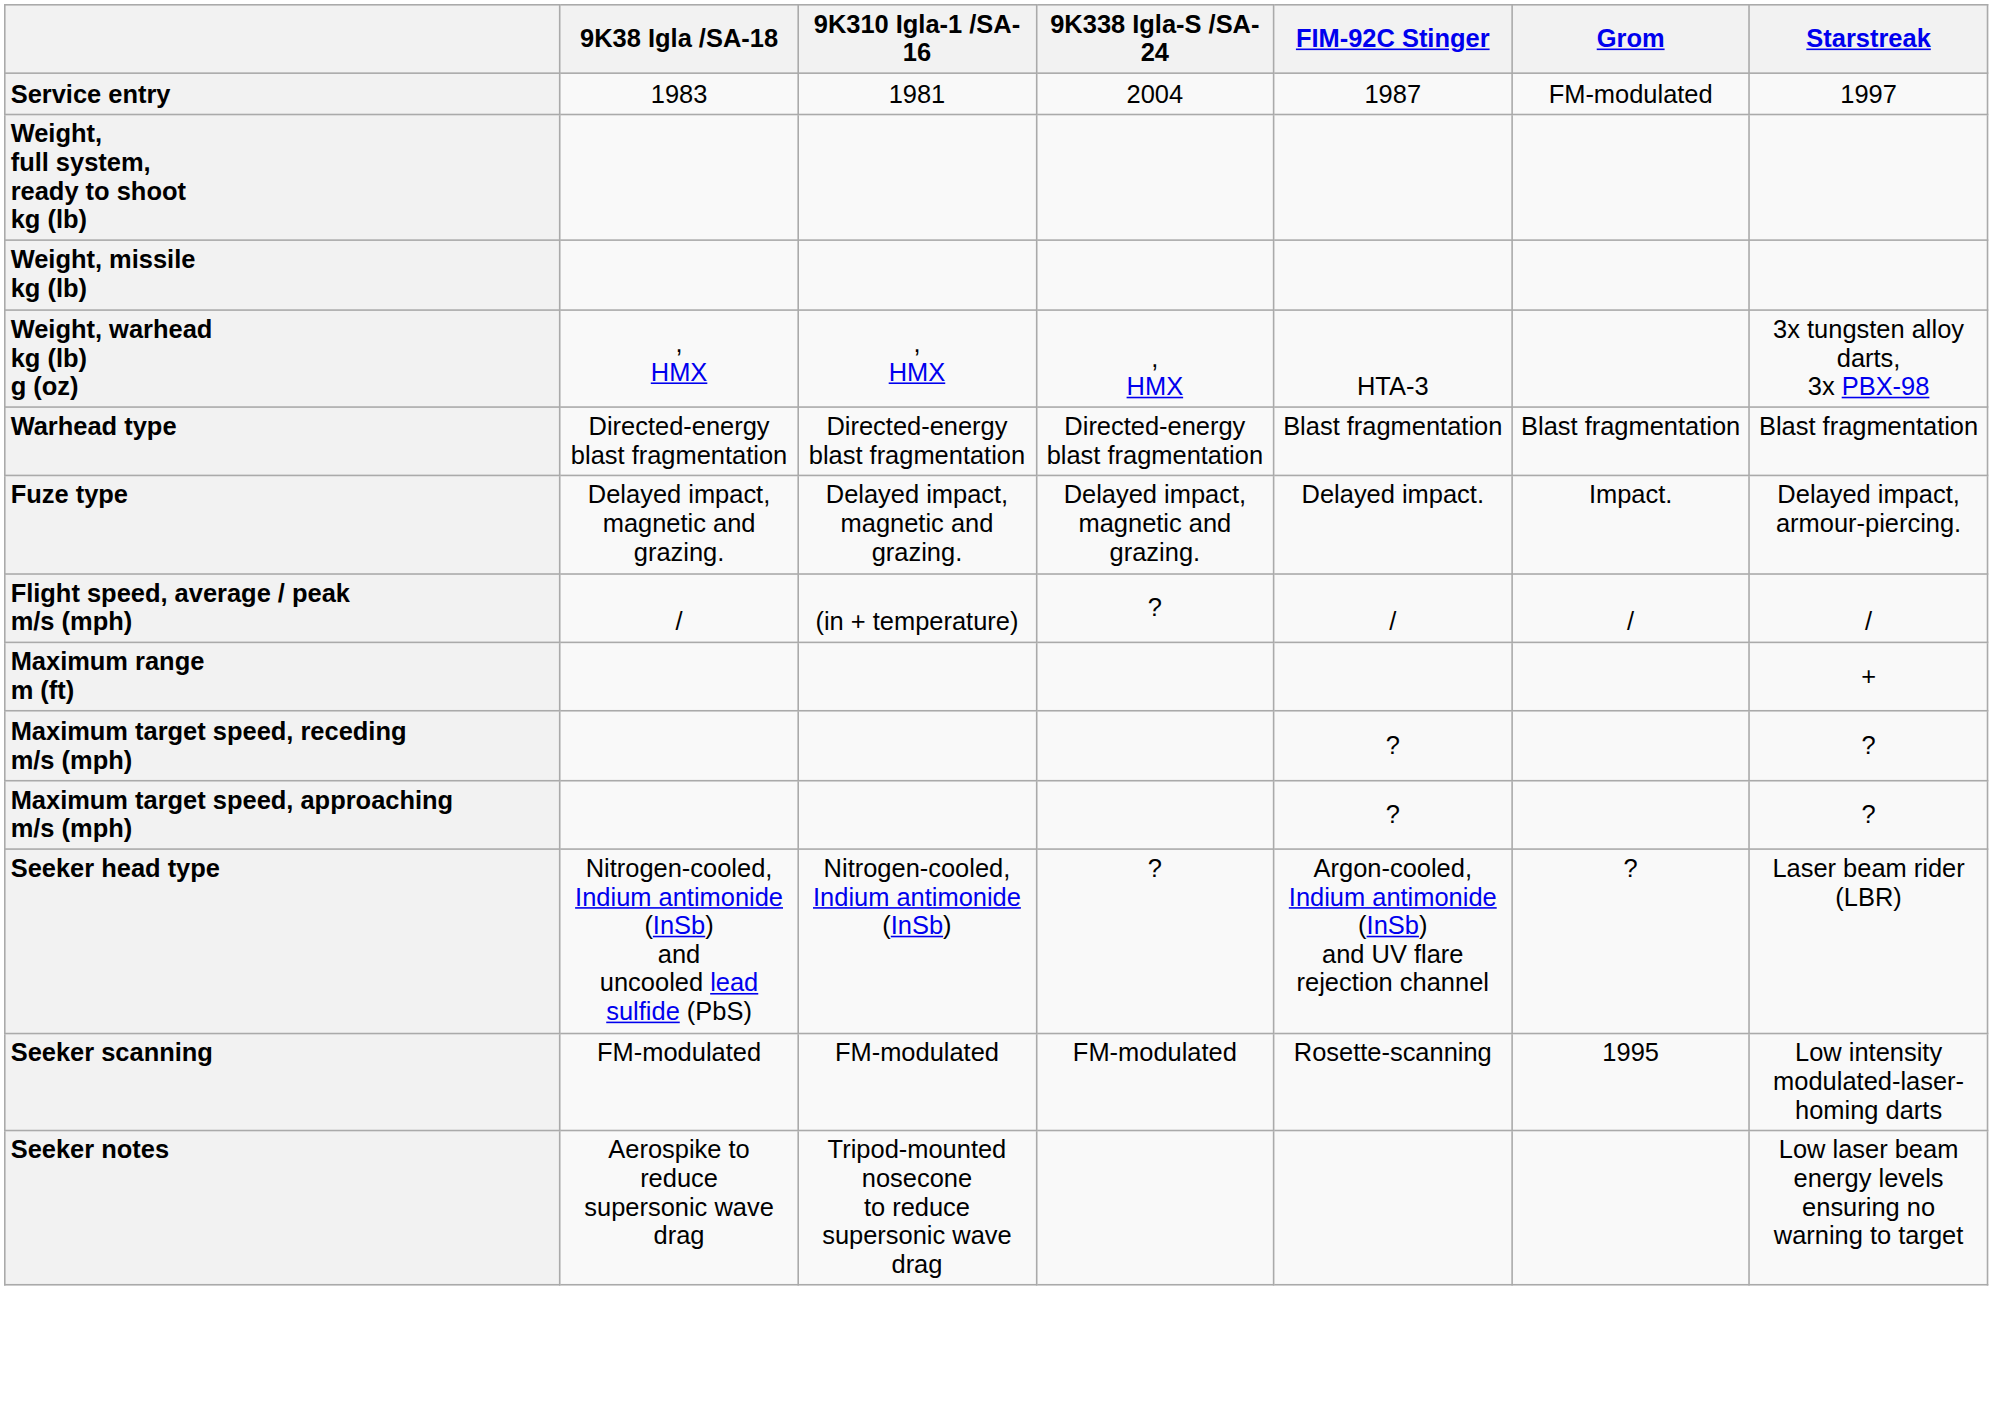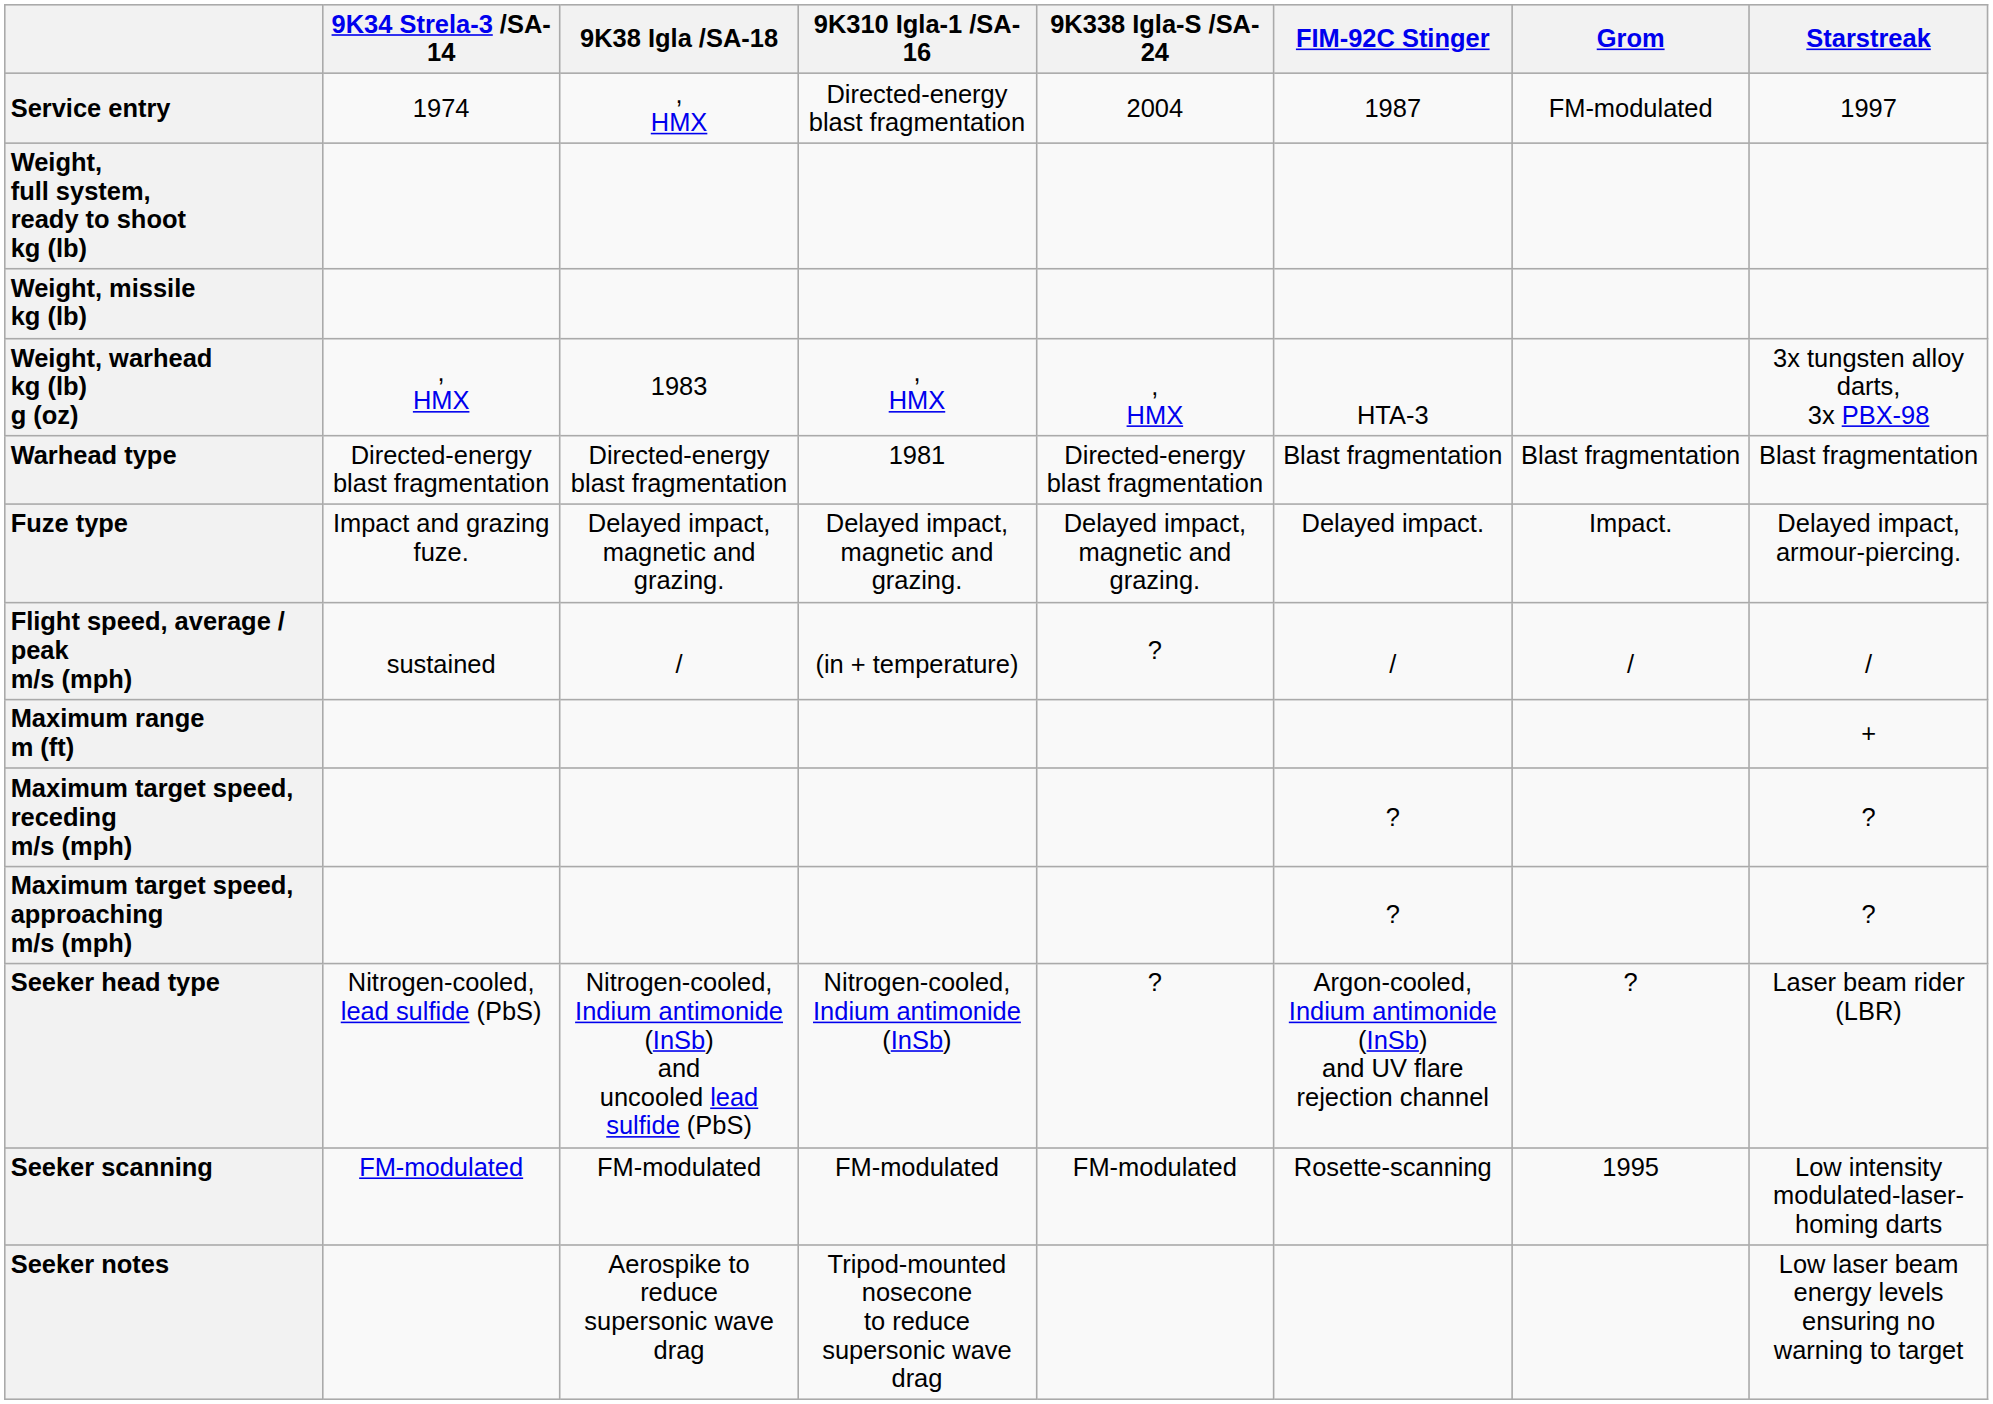 <table class="wikitable" style="text-align:center;">
 <tr>
 <th></th>
+<th style="width: 12%;"><a href='#'>9K34 Strela-3</a> /SA-14</th>
 <th style="width: 12%;">9K38 Igla /SA-18</th>
 <th style="width: 12%;">9K310 Igla-1 /SA-16</th>
 <th style="width: 12%;">9K338 Igla-S /SA-24</th>
 <th style="width: 12%;"><a href='#'>FIM-92C Stinger</a></th>
 <th style="width: 12%;"><a href='#'>Grom</a><br></th>
 <th style="width: 12%;"><a href='#'>Starstreak</a><br></th>
 </tr>
 <tr>
 <th style="text-align:left;">Service entry</th>
-<td>1983</td>
-<td>1981</td>
+<td>1974</td>
+<td>,<br> <a href='#'>HMX</a></td>
+<td>Directed-energy <br> blast fragmentation</td>
 <td>2004</td>
 <td>1987</td>
 <td>FM-modulated</td>
 <td>1997</td>
 </tr>
 <tr>
 <th style="text-align:left;">Weight, <br>full system, <br>ready to shoot <br>kg (lb)</th>
+<td></td>
 <td></td>
 <td></td>
 <td></td>
 <td></td>
 <td></td>
 <td></td>
 </tr>
 <tr>
 <th style="text-align:left;">Weight, missile <br>kg (lb)</th>
 <td></td>
 <td></td>
 <td></td>
 <td></td>
 <td></td>
 <td></td>
+<td></td>
 </tr>
 <tr>
 <th style="text-align:left;">Weight, warhead <br> kg (lb)<br> g (oz)</th>
 <td>,<br> <a href='#'>HMX</a></td>
+<td>1983</td>
 <td>,<br> <a href='#'>HMX</a></td>
 <td><br>,<br> <a href='#'>HMX</a></td>
 <td><br> <br> HTA-3</td>
 <td><br></td>
 <td>3x  tungsten alloy darts,<br>3x  <a href='#'>PBX-98</a></td>
 </tr>
 <tr style="vertical-align: top;">
 <th style="text-align:left;">Warhead type</th>
 <td>Directed-energy <br> blast fragmentation</td>
 <td>Directed-energy <br> blast fragmentation</td>
+<td>1981</td>
 <td>Directed-energy <br> blast fragmentation</td>
 <td>Blast fragmentation</td>
 <td>Blast fragmentation</td>
 <td>Blast fragmentation</td>
 </tr>
 <tr style="vertical-align: top;">
 <th style="text-align:left;">Fuze type</th>
+<td>Impact and grazing fuze.</td>
 <td>Delayed impact, <br>magnetic and grazing.</td>
 <td>Delayed impact, <br>magnetic and grazing.</td>
 <td>Delayed impact, <br>magnetic and grazing.</td>
 <td>Delayed impact.</td>
 <td>Impact.</td>
 <td>Delayed impact, armour-piercing.</td>
 </tr>
 <tr>
 <th style="text-align:left;">Flight speed, average / peak <br>m/s (mph)</th>
+<td> <br>sustained</td>
 <td> <br>/ </td>
 <td><br>(in + temperature)</td>
 <td>?</td>
 <td> <br>/ </td>
 <td> <br>/ </td>
 <td> <br>/ </td>
 </tr>
 <tr>
 <th style="text-align:left;">Maximum range <br> m (ft)</th>
 <td></td>
 <td></td>
 <td></td>
 <td></td>
 <td></td>
+<td></td>
 <td>+</td>
 </tr>
 <tr>
 <th style="text-align:left;">Maximum target speed, receding <br>m/s (mph)</th>
+<td></td>
 <td></td>
 <td></td>
 <td></td>
 <td>?</td>
 <td></td>
 <td>?</td>
 </tr>
 <tr>
 <th style="text-align:left;">Maximum target speed, approaching <br>m/s (mph)</th>
 <td></td>
 <td></td>
 <td></td>
+<td></td>
 <td>?</td>
 <td></td>
 <td>?</td>
 </tr>
 <tr style="vertical-align: top;">
 <th style="text-align:left;">Seeker head type</th>
+<td>Nitrogen-cooled, <br> <a href='#'>lead sulfide</a> (PbS)</td>
 <td>Nitrogen-cooled, <br> <a href='#'>Indium antimonide</a> (<a href='#'>InSb</a>) <br> and <br> uncooled <a href='#'>lead sulfide</a> (PbS)</td>
 <td>Nitrogen-cooled, <br> <a href='#'>Indium antimonide</a> (<a href='#'>InSb</a>)</td>
 <td>?</td>
 <td>Argon-cooled, <br> <a href='#'>Indium antimonide</a> (<a href='#'>InSb</a>) <br> and UV flare rejection channel</td>
 <td>?</td>
 <td>Laser beam rider (LBR)</td>
 </tr>
 <tr style="vertical-align: top;">
 <th style="text-align:left;">Seeker scanning</th>
+<td><a href='#'>FM-modulated</a></td>
 <td>FM-modulated</td>
 <td>FM-modulated</td>
 <td>FM-modulated</td>
 <td>Rosette-scanning</td>
 <td>1995</td>
 <td>Low intensity modulated-laser-homing darts</td>
 </tr>
 <tr style="vertical-align: top;">
 <th style="text-align:left;">Seeker notes</th>
+<td></td>
 <td>Aerospike to reduce <br> supersonic wave drag</td>
 <td>Tripod-mounted nosecone <br> to reduce supersonic wave drag</td>
 <td></td>
 <td></td>
 <td></td>
 <td>Low laser beam energy levels ensuring no warning to target</td>
 </tr>
 </table>
